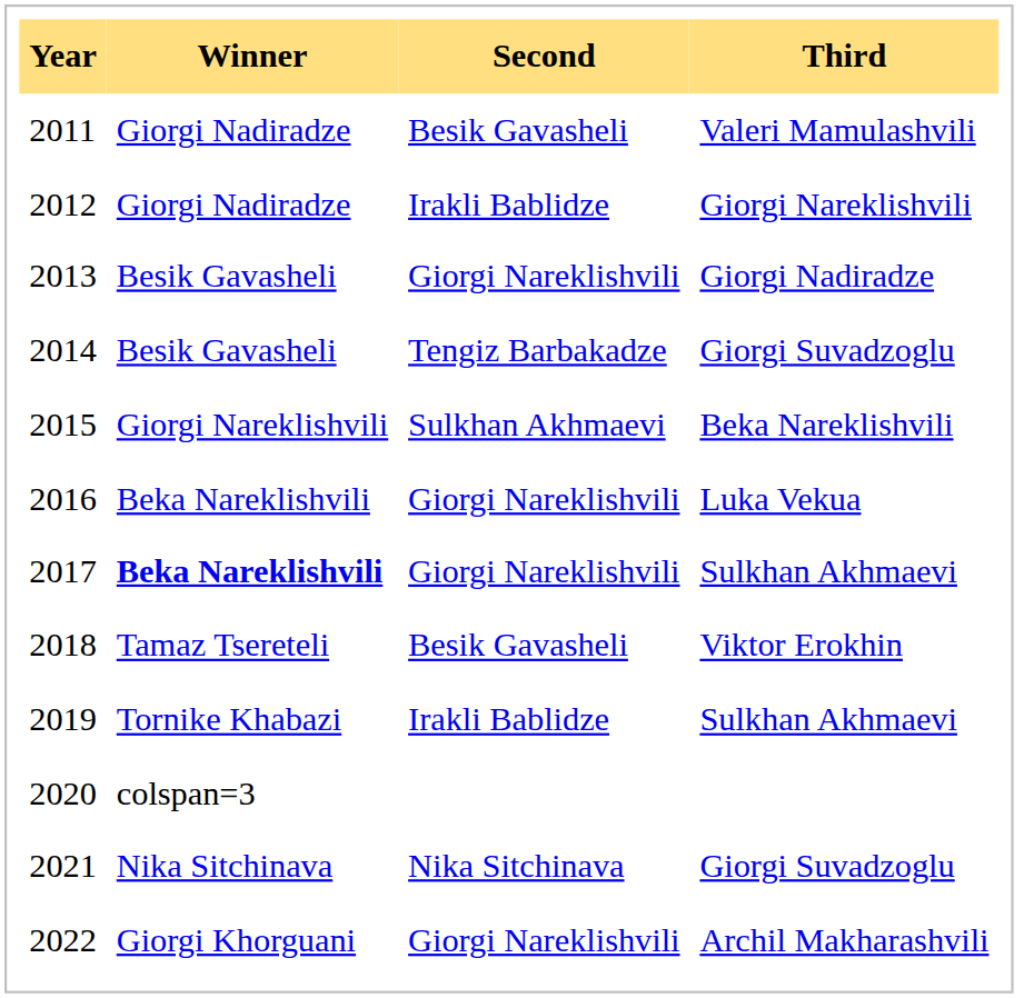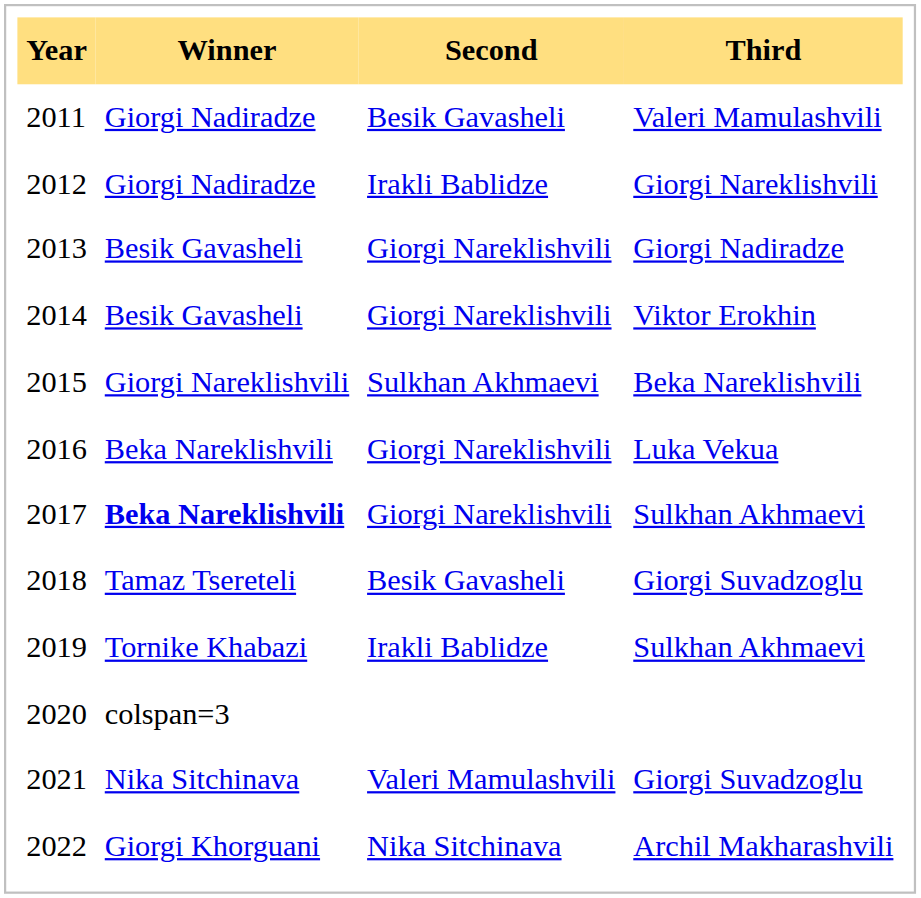 <table cellpadding="4" cellspacing="0"  style="border: 1px solid silver; color: black; margin: 0 0 0.5em 0; background-color: white; padding: 5px; text-align: left; font-size:85%; vertical-align: top; line-height:1.6em;">
 <tr>
 <th scope=col; align="center" bgcolor="FFDF80">Year</th>
 <th scope=col; align="center" bgcolor="FFDF80">Winner</th>
 <th scope=col; align="center" bgcolor="FFDF80">Second</th>
 <th scope=col; align="center" bgcolor="FFDF80">Third</th>
 </tr>
 <tr>
 <td>2011</td>
 <td><a href='#'>Giorgi Nadiradze</a></td>
 <td><a href='#'>Besik Gavasheli</a></td>
 <td><a href='#'>Valeri Mamulashvili</a></td>
 </tr>
 <tr>
 <td>2012</td>
 <td><a href='#'>Giorgi Nadiradze</a></td>
 <td><a href='#'>Irakli Bablidze</a></td>
 <td><a href='#'>Giorgi Nareklishvili</a></td>
 </tr>
 <tr>
 <td>2013</td>
 <td><a href='#'>Besik Gavasheli</a></td>
 <td><a href='#'>Giorgi Nareklishvili</a></td>
 <td><a href='#'>Giorgi Nadiradze</a></td>
 </tr>
 <tr>
 <td>2014</td>
 <td><a href='#'>Besik Gavasheli</a></td>
-<td><a href='#'>Tengiz Barbakadze</a></td>
-<td><a href='#'>Giorgi Suvadzoglu</a></td>
+<td><a href='#'>Giorgi Nareklishvili</a></td>
+<td><a href='#'>Viktor Erokhin</a></td>
 </tr>
 <tr>
 <td>2015</td>
 <td><a href='#'>Giorgi Nareklishvili</a></td>
 <td><a href='#'>Sulkhan Akhmaevi</a></td>
 <td><a href='#'>Beka Nareklishvili</a></td>
 </tr>
 <tr>
 <td>2016</td>
 <td><a href='#'>Beka Nareklishvili</a></td>
 <td><a href='#'>Giorgi Nareklishvili</a></td>
 <td><a href='#'>Luka Vekua</a></td>
 </tr>
 <tr>
 <td>2017</td>
 <td><strong><a href='#'>Beka Nareklishvili</a></strong></td>
 <td><a href='#'>Giorgi Nareklishvili</a></td>
 <td><a href='#'>Sulkhan Akhmaevi</a></td>
 </tr>
 <tr>
 <td>2018</td>
 <td><a href='#'>Tamaz Tsereteli</a></td>
 <td><a href='#'>Besik Gavasheli</a></td>
-<td><a href='#'>Viktor Erokhin</a></td>
+<td><a href='#'>Giorgi Suvadzoglu</a></td>
 </tr>
 <tr>
 <td>2019</td>
 <td><a href='#'>Tornike Khabazi</a></td>
 <td><a href='#'>Irakli Bablidze</a></td>
 <td><a href='#'>Sulkhan Akhmaevi</a></td>
 </tr>
 <tr>
 <td>2020</td>
 <td>colspan=3 </td>
 </tr>
 <tr>
 <td>2021</td>
 <td><a href='#'>Nika Sitchinava</a></td>
-<td><a href='#'>Nika Sitchinava</a></td>
+<td><a href='#'>Valeri Mamulashvili</a></td>
 <td><a href='#'>Giorgi Suvadzoglu</a></td>
 </tr>
 <tr>
 <td>2022</td>
 <td><a href='#'>Giorgi Khorguani</a></td>
-<td><a href='#'>Giorgi Nareklishvili</a></td>
+<td><a href='#'>Nika Sitchinava</a></td>
 <td><a href='#'>Archil Makharashvili</a></td>
 </tr>
 </table>
